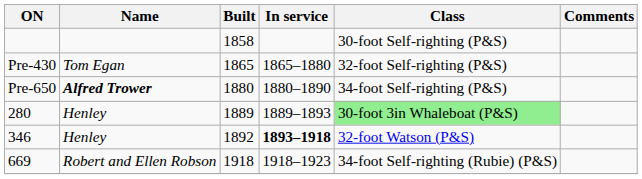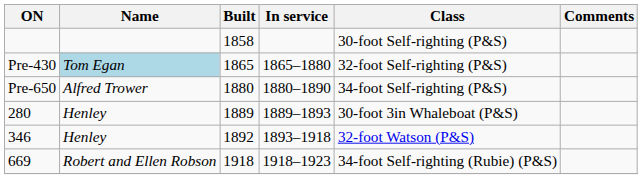 <table class="wikitable">
 <tr>
 <th>ON</th>
 <th>Name</th>
 <th>Built</th>
 <th>In service</th>
 <th>Class</th>
 <th>Comments</th>
 </tr>
 <tr>
 <td></td>
 <td></td>
 <td>1858</td>
 <td></td>
 <td>30-foot Self-righting (P&S)</td>
 <td></td>
 </tr>
 <tr>
 <td>Pre-430</td>
-<td><em>Tom Egan</em></td>
+<td style="background: lightblue;"><em>Tom Egan</em></td>
 <td>1865</td>
 <td>1865–1880</td>
 <td>32-foot Self-righting (P&S)</td>
 <td></td>
 </tr>
 <tr>
 <td>Pre-650</td>
-<td><strong><em>Alfred Trower</em></strong></td>
+<td><em>Alfred Trower</em></td>
 <td>1880</td>
 <td>1880–1890</td>
 <td>34-foot Self-righting (P&S)</td>
 <td></td>
 </tr>
 <tr>
 <td>280</td>
 <td><em>Henley</em></td>
 <td>1889</td>
 <td>1889–1893</td>
-<td style="background: lightgreen;">30-foot 3in Whaleboat (P&S)</td>
+<td>30-foot 3in Whaleboat (P&S)</td>
 <td></td>
 </tr>
 <tr>
 <td>346</td>
 <td><em>Henley</em></td>
 <td>1892</td>
-<td><strong>1893–1918</strong></td>
+<td>1893–1918</td>
 <td><a href='#'>32-foot Watson (P&S)</a></td>
 <td></td>
 </tr>
 <tr>
 <td>669</td>
 <td><em>Robert and Ellen Robson</em></td>
 <td>1918</td>
 <td>1918–1923</td>
 <td>34-foot Self-righting (Rubie) (P&S)</td>
 <td></td>
 </tr>
 <tr>
 </tr>
 </table>
